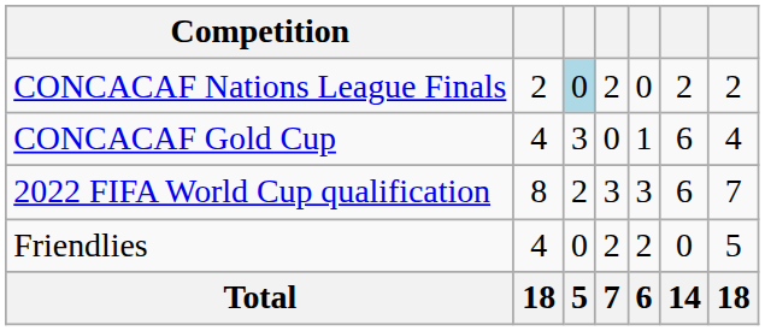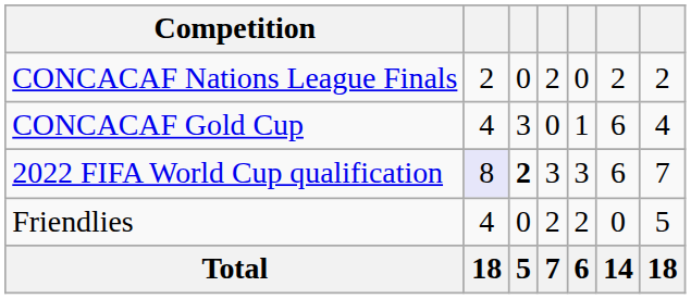 <table class="wikitable">
 <tr>
 <th>Competition</th>
 <th></th>
 <th></th>
 <th></th>
 <th></th>
 <th></th>
 <th></th>
 </tr>
 <tr align=center>
 <td align=left><a href='#'>CONCACAF Nations League Finals</a></td>
 <td>2</td>
-<td style="background: lightblue;">0</td>
+<td>0</td>
 <td>2</td>
 <td>0</td>
 <td>2</td>
 <td>2</td>
 </tr>
 <tr align=center>
 <td align=left><a href='#'>CONCACAF Gold Cup</a></td>
 <td>4</td>
 <td>3</td>
 <td>0</td>
 <td>1</td>
 <td>6</td>
 <td>4</td>
 </tr>
 <tr align=center>
 <td align=left><a href='#'>2022 FIFA World Cup qualification</a></td>
-<td>8</td>
-<td>2</td>
+<td style="background: lavender;">8</td>
+<td><strong>2</strong></td>
 <td>3</td>
 <td>3</td>
 <td>6</td>
 <td>7</td>
 </tr>
 <tr align=center>
 <td align=left>Friendlies</td>
 <td>4</td>
 <td>0</td>
 <td>2</td>
 <td>2</td>
 <td>0</td>
 <td>5</td>
 </tr>
 <tr>
 <th !align=left>Total</th>
 <th>18</th>
 <th>5</th>
 <th>7</th>
 <th>6</th>
 <th>14</th>
 <th>18</th>
 </tr>
 </table>
